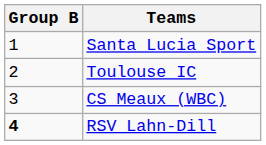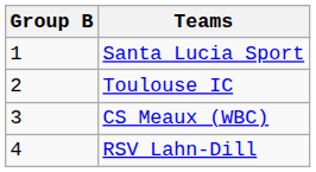 <table class="wikitable">
 <tr>
 <th>Group B</th>
 <th>Teams</th>
 </tr>
 <tr>
 <td>1</td>
 <td> <a href='#'>Santa Lucia Sport</a></td>
 </tr>
 <tr>
 <td>2</td>
 <td> <a href='#'>Toulouse IC</a></td>
 </tr>
 <tr>
 <td>3</td>
 <td> <a href='#'>CS Meaux (WBC)</a></td>
 </tr>
 <tr>
-<td><strong>4</strong></td>
+<td>4</td>
 <td> <a href='#'>RSV Lahn-Dill</a></td>
 </tr>
 </table>
